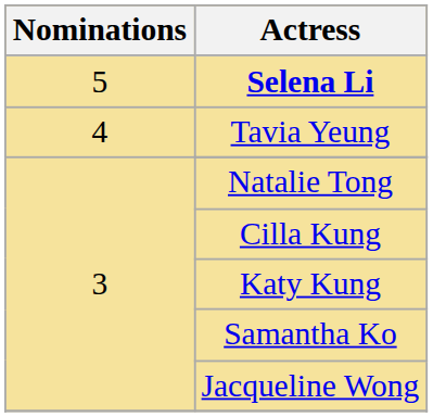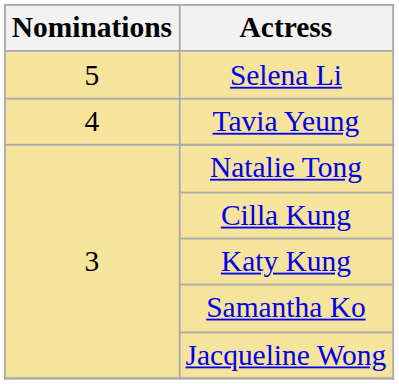 <table class="wikitable" rowspan=2 style="text-align: center; background: #f6e39c">
 <tr>
 <th scope="col" width="55">Nominations</th>
 <th scope="col" align="center">Actress</th>
 </tr>
 <tr>
 <td rowspan=1 style="text-align:center;">5</td>
-<td><strong><a href='#'>Selena Li</a></strong></td>
+<td><a href='#'>Selena Li</a></td>
 </tr>
 <tr>
 <td rowspan=1 style="text-align:center;">4</td>
 <td><a href='#'>Tavia Yeung</a></td>
 </tr>
 <tr>
 <td rowspan=6 style="text-align:center;">3</td>
 </tr>
 <tr>
 <td><a href='#'>Natalie Tong</a></td>
 </tr>
 <tr>
 <td><a href='#'>Cilla Kung</a></td>
 </tr>
 <tr>
 <td><a href='#'>Katy Kung</a></td>
 </tr>
 <tr>
 <td><a href='#'>Samantha Ko</a></td>
 </tr>
 <tr>
 <td><a href='#'>Jacqueline Wong</a></td>
 </tr>
 <tr>
 </tr>
 <tr>
 </tr>
 </table>
